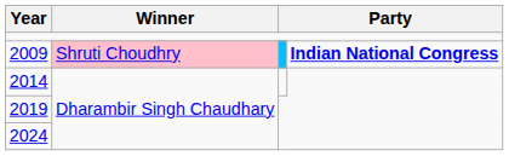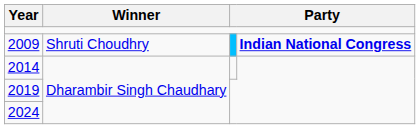 <table class="wikitable">
 <tr>
 <th>Year</th>
 <th>Winner</th>
 <th colspan="2">Party</th>
 </tr>
 <tr>
 <td colspan="4"></td>
 </tr>
 <tr>
 <td><a href='#'>2009</a></td>
-<td style="background: pink;"><a href='#'>Shruti Choudhry</a></td>
+<td><a href='#'>Shruti Choudhry</a></td>
 <td style="background-color:#00BFFF"></td>
 <td><strong><a href='#'>Indian National Congress</a></strong></td>
 </tr>
 <tr>
 <td><a href='#'>2014</a></td>
 <td rowspan="3"><a href='#'>Dharambir Singh Chaudhary</a></td>
 <td></td>
 </tr>
 <tr>
 <td><a href='#'>2019</a></td>
 </tr>
 <tr>
 <td><a href='#'>2024</a></td>
 </tr>
 </table>
